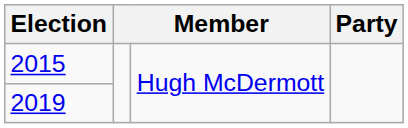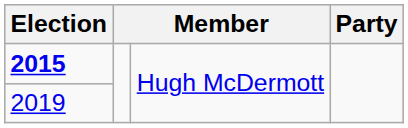 <table class="wikitable">
 <tr>
 <th>Election</th>
 <th colspan=2>Member</th>
 <th>Party</th>
 </tr>
 <tr>
-<td><a href='#'>2015</a></td>
+<td><strong><a href='#'>2015</a></strong></td>
 <td rowspan="2" > </td>
 <td rowspan="2"><a href='#'>Hugh McDermott</a></td>
 <td rowspan="2"></td>
 </tr>
 <tr>
 <td><a href='#'>2019</a></td>
 </tr>
 </table>
